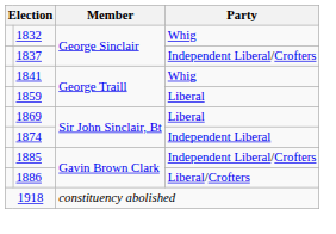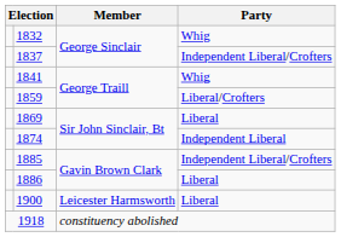 <table class="wikitable">
 <tr>
 <th colspan="2">Election</th>
 <th>Member</th>
 <th>Party</th>
 </tr>
 <tr>
 <td style="color:inherit;background-color: "></td>
 <td><a href='#'>1832</a></td>
 <td rowspan="2"><a href='#'>George Sinclair</a></td>
 <td><a href='#'>Whig</a></td>
 </tr>
 <tr>
 <td style="color:inherit;background-color: "></td>
 <td><a href='#'>1837</a></td>
 <td><a href='#'>Independent Liberal</a>/<a href='#'>Crofters</a></td>
 </tr>
 <tr>
 <td style="color:inherit;background-color: "></td>
 <td><a href='#'>1841</a></td>
 <td rowspan=2><a href='#'>George Traill</a></td>
 <td><a href='#'>Whig</a></td>
 </tr>
 <tr>
 <td style="color:inherit;background-color: "></td>
 <td><a href='#'>1859</a></td>
-<td><a href='#'>Liberal</a></td>
+<td><a href='#'>Liberal</a>/<a href='#'>Crofters</a></td>
 </tr>
 <tr>
 <td style="color:inherit;background-color: "></td>
 <td><a href='#'>1869</a></td>
 <td rowspan=2><a href='#'>Sir John Sinclair, Bt</a></td>
 <td><a href='#'>Liberal</a></td>
 </tr>
 <tr>
 <td style="color:inherit;background-color: "></td>
 <td><a href='#'>1874</a></td>
 <td><a href='#'>Independent Liberal</a></td>
 </tr>
 <tr>
 <td style="color:inherit;background-color: "></td>
 <td><a href='#'>1885</a></td>
 <td rowspan=2><a href='#'>Gavin Brown Clark</a></td>
 <td><a href='#'>Independent Liberal</a>/<a href='#'>Crofters</a></td>
 </tr>
 <tr>
 <td style="color:inherit;background-color: "></td>
 <td><a href='#'>1886</a></td>
-<td><a href='#'>Liberal</a>/<a href='#'>Crofters</a></td>
+<td><a href='#'>Liberal</a></td>
+</tr>
+<tr>
+<td style="color:inherit;background-color: "></td>
+<td><a href='#'>1900</a></td>
+<td><a href='#'>Leicester Harmsworth</a></td>
+<td><a href='#'>Liberal</a></td>
 </tr>
 <tr>
 <td colspan="2" align="center"><a href='#'>1918</a></td>
 <td colspan="2"><em>constituency abolished</em></td>
 </tr>
 </table>
